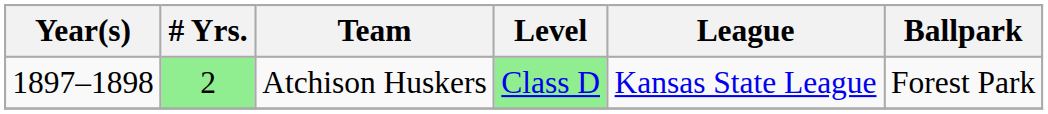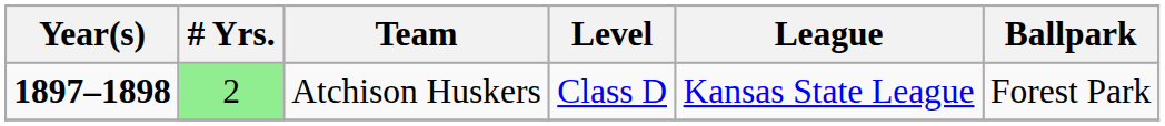 <table class="wikitable" style="text-align:center; font-size: 95%;">
 <tr>
 <th>Year(s)</th>
 <th># Yrs.</th>
 <th>Team</th>
 <th>Level</th>
 <th>League</th>
 <th>Ballpark</th>
 </tr>
 <tr>
-<td>1897–1898</td>
+<td><strong>1897–1898</strong></td>
 <td style="background: lightgreen;">2</td>
 <td>Atchison Huskers</td>
-<td style="background: lightgreen;"><a href='#'>Class D</a></td>
+<td><a href='#'>Class D</a></td>
 <td><a href='#'>Kansas State League</a></td>
 <td>Forest Park</td>
 </tr>
 <tr>
 </tr>
 </table>
